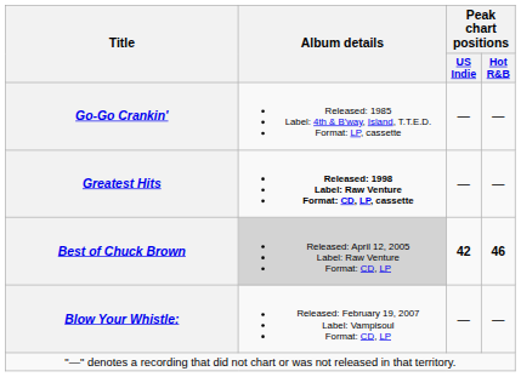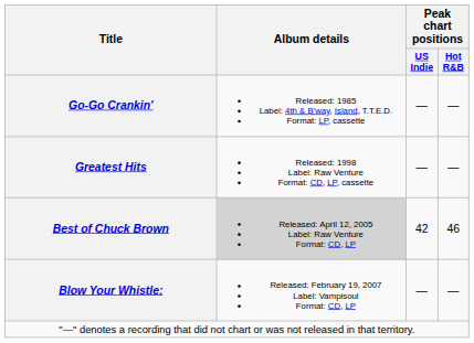 <table class="wikitable plainrowheaders" style="text-align:center;" border="1">
 <tr>
 <th scope="col" rowspan="2" style="width:18em;">Title</th>
 <th scope="col" rowspan="2" style="width:16em;">Album details</th>
 <th scope="col" colspan="2">Peak chart positions</th>
 </tr>
 <tr>
 <th scope="col" style="width:2.75em;font-size:85%;"><a href='#'>US Indie</a><br></th>
 <th scope="col" style="width:2.75em;font-size:85%;"><a href='#'>Hot R&B</a><br></th>
 </tr>
 <tr>
 <th scope="row"><em><a href='#'>Go-Go Crankin'</a></em></th>
 <td style="font-size:12px;"><br><ul><li>Released: 1985 </li><li>Label: <a href='#'>4th & B'way</a>, <a href='#'>Island</a>, T.T.E.D.</li><li>Format: <a href='#'>LP</a>, cassette</li></ul></td>
 <td>—</td>
 <td>—</td>
 </tr>
 <tr>
 <th scope="row"><em><a href='#'>Greatest Hits</a></em></th>
-<td style="font-size:12px;"><strong><br><ul><li>Released: 1998 </li><li>Label: Raw Venture</li><li>Format: <a href='#'>CD</a>, <a href='#'>LP</a>, cassette</li></ul></strong></td>
+<td style="font-size:12px;"><br><ul><li>Released: 1998 </li><li>Label: Raw Venture</li><li>Format: <a href='#'>CD</a>, <a href='#'>LP</a>, cassette</li></ul></td>
 <td>—</td>
 <td>—</td>
 </tr>
 <tr>
 <th scope="row"><em><a href='#'>Best of Chuck Brown</a></em></th>
 <td style="background: lightgrey; font-size:12px;"><br><ul><li>Released: April 12, 2005 </li><li>Label: Raw Venture</li><li>Format: <a href='#'>CD</a>, <a href='#'>LP</a></li></ul></td>
-<td><strong>42</strong></td>
-<td><strong>46</strong></td>
+<td>42</td>
+<td>46</td>
 </tr>
 <tr>
 <th scope="row"><em><a href='#'>Blow Your Whistle: </a></em><br></th>
 <td style="font-size:12px;"><br><ul><li>Released: February 19, 2007 </li><li>Label: Vampisoul</li><li>Format: <a href='#'>CD</a>, <a href='#'>LP</a></li></ul></td>
 <td>—</td>
 <td>—</td>
 </tr>
 <tr>
 <td colspan="14" style="font-size:90%">"—" denotes a recording that did not chart or was not released in that territory.</td>
 </tr>
 </table>
